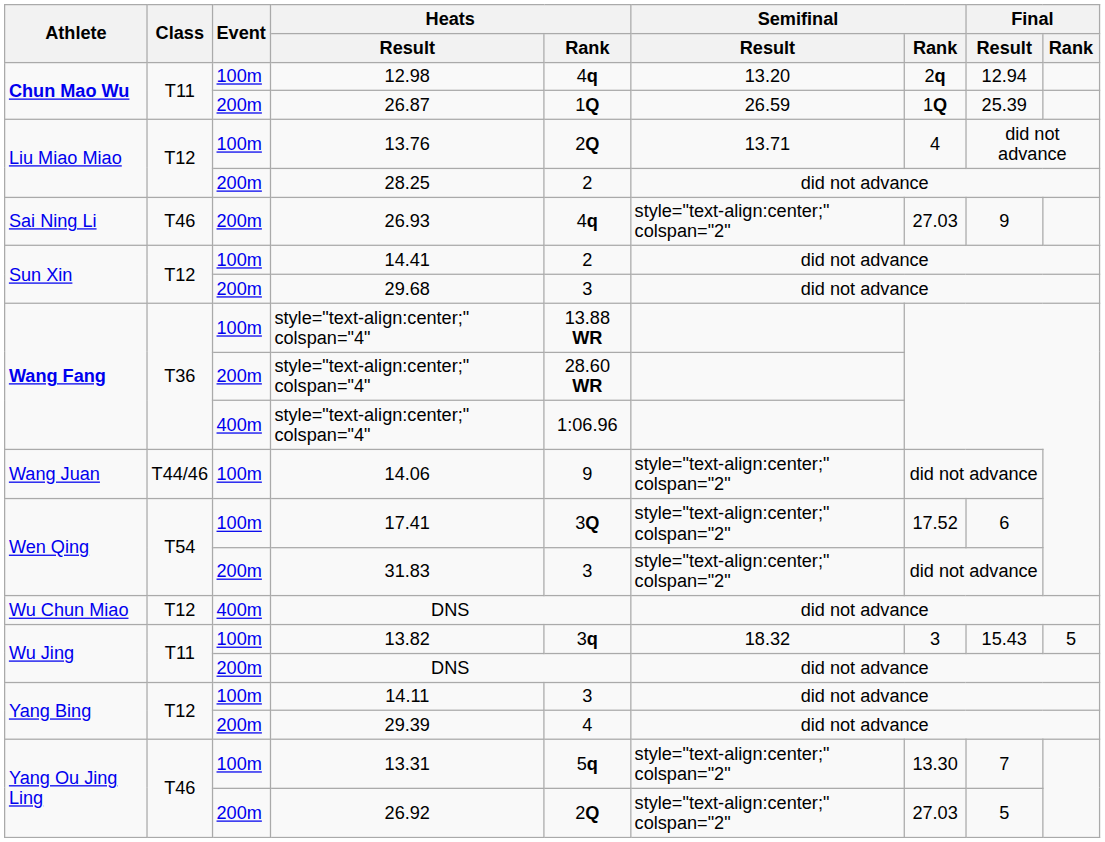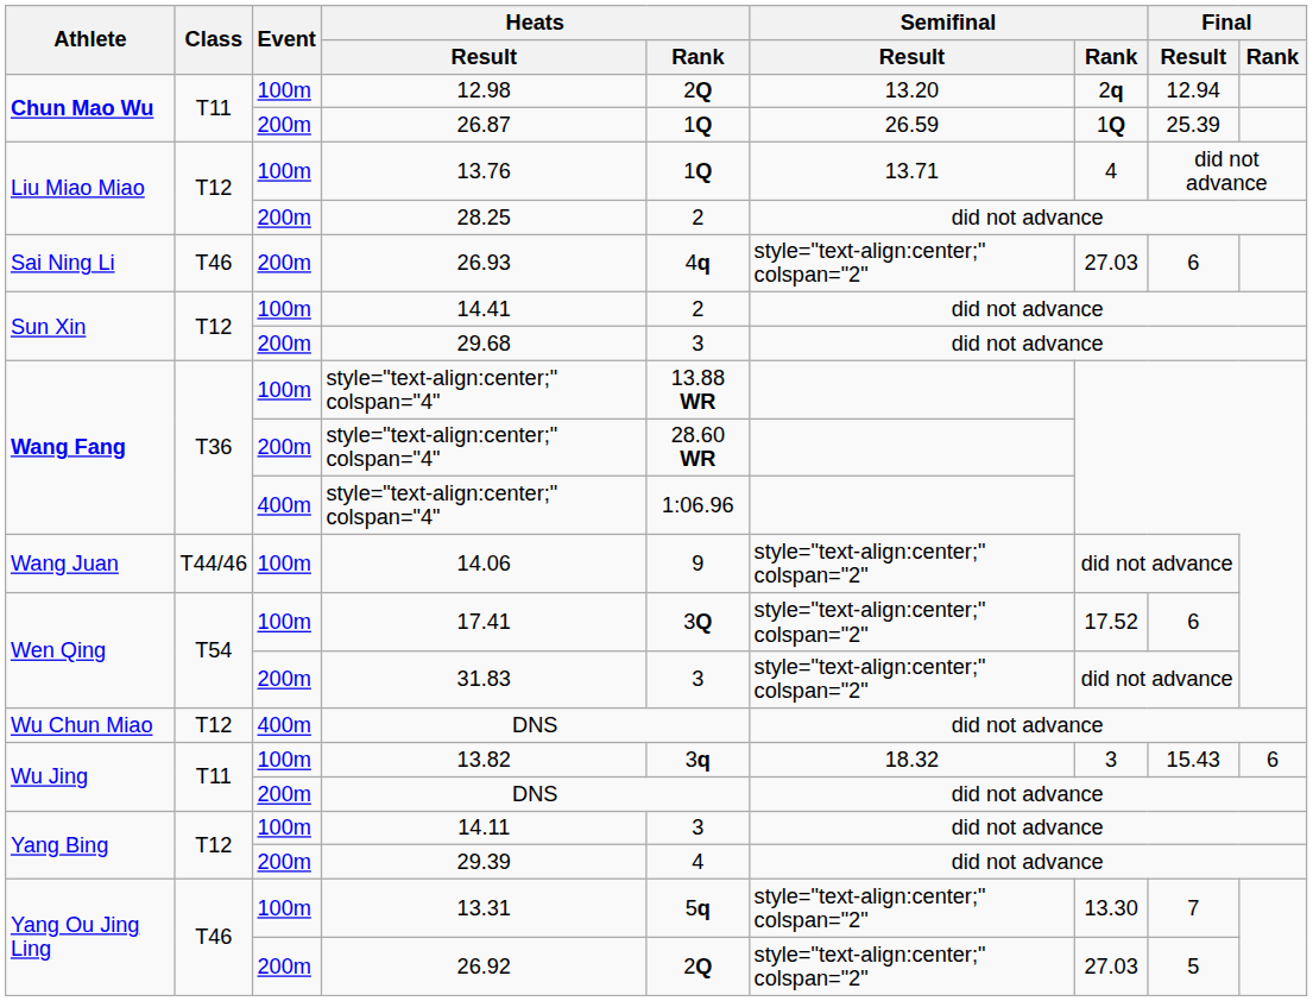 <table class=wikitable style="font-size:90%">
 <tr>
 <th rowspan="2">Athlete</th>
 <th rowspan="2">Class</th>
 <th rowspan="2">Event</th>
 <th colspan="2">Heats</th>
 <th colspan="2">Semifinal</th>
 <th colspan="2">Final</th>
 </tr>
 <tr>
 <th>Result</th>
 <th>Rank</th>
 <th>Result</th>
 <th>Rank</th>
 <th>Result</th>
 <th>Rank</th>
 </tr>
 <tr>
 <td rowspan="2"><strong><a href='#'>Chun Mao Wu</a></strong></td>
 <td rowspan="2" style="text-align:center;">T11</td>
 <td><a href='#'>100m</a></td>
 <td style="text-align:center;">12.98</td>
-<td style="text-align:center;">4<strong>q</strong></td>
+<td style="text-align:center;">2<strong>Q</strong></td>
 <td style="text-align:center;">13.20</td>
 <td style="text-align:center;">2<strong>q</strong></td>
 <td style="text-align:center;">12.94</td>
 <td style="text-align:center;"></td>
 </tr>
 <tr>
 <td><a href='#'>200m</a></td>
 <td style="text-align:center;">26.87</td>
 <td style="text-align:center;">1<strong>Q</strong></td>
 <td style="text-align:center;">26.59</td>
 <td style="text-align:center;">1<strong>Q</strong></td>
 <td style="text-align:center;">25.39</td>
 <td style="text-align:center;"></td>
 </tr>
 <tr>
 <td rowspan="2"><a href='#'>Liu Miao Miao</a></td>
 <td rowspan="2" style="text-align:center;">T12</td>
 <td><a href='#'>100m</a></td>
 <td style="text-align:center;">13.76</td>
-<td style="text-align:center;">2<strong>Q</strong></td>
+<td style="text-align:center;">1<strong>Q</strong></td>
 <td style="text-align:center;">13.71</td>
 <td style="text-align:center;">4</td>
 <td style="text-align:center;" colspan="2">did not advance</td>
 </tr>
 <tr>
 <td><a href='#'>200m</a></td>
 <td style="text-align:center;">28.25</td>
 <td style="text-align:center;">2</td>
 <td style="text-align:center;" colspan="4">did not advance</td>
 </tr>
 <tr>
 <td><a href='#'>Sai Ning Li</a></td>
 <td style="text-align:center;">T46</td>
 <td><a href='#'>200m</a></td>
 <td style="text-align:center;">26.93</td>
 <td style="text-align:center;">4<strong>q</strong></td>
 <td>style="text-align:center;" colspan="2" </td>
 <td style="text-align:center;">27.03</td>
-<td style="text-align:center;">9</td>
+<td style="text-align:center;">6</td>
 </tr>
 <tr>
 <td rowspan="2"><a href='#'>Sun Xin</a></td>
 <td rowspan="2" style="text-align:center;">T12</td>
 <td><a href='#'>100m</a></td>
 <td style="text-align:center;">14.41</td>
 <td style="text-align:center;">2</td>
 <td style="text-align:center;" colspan="4">did not advance</td>
 </tr>
 <tr>
 <td><a href='#'>200m</a></td>
 <td style="text-align:center;">29.68</td>
 <td style="text-align:center;">3</td>
 <td style="text-align:center;" colspan="4">did not advance</td>
 </tr>
 <tr>
 <td rowspan="3"><strong><a href='#'>Wang Fang</a></strong></td>
 <td rowspan="3" style="text-align:center;">T36</td>
 <td><a href='#'>100m</a></td>
 <td>style="text-align:center;" colspan="4" </td>
 <td style="text-align:center;">13.88 <strong>WR</strong></td>
 <td style="text-align:center;"></td>
 </tr>
 <tr>
 <td><a href='#'>200m</a></td>
 <td>style="text-align:center;" colspan="4" </td>
 <td style="text-align:center;">28.60 <strong>WR</strong></td>
 <td style="text-align:center;"></td>
 </tr>
 <tr>
 <td><a href='#'>400m</a></td>
 <td>style="text-align:center;" colspan="4" </td>
 <td style="text-align:center;">1:06.96</td>
 <td style="text-align:center;"></td>
 </tr>
 <tr>
 <td><a href='#'>Wang Juan</a></td>
 <td style="text-align:center;">T44/46</td>
 <td><a href='#'>100m</a></td>
 <td style="text-align:center;">14.06</td>
 <td style="text-align:center;">9</td>
 <td>style="text-align:center;" colspan="2" </td>
 <td style="text-align:center;" colspan="2">did not advance</td>
 </tr>
 <tr>
 <td rowspan="2"><a href='#'>Wen Qing</a></td>
 <td rowspan="2" style="text-align:center;">T54</td>
 <td><a href='#'>100m</a></td>
 <td style="text-align:center;">17.41</td>
 <td style="text-align:center;">3<strong>Q</strong></td>
 <td>style="text-align:center;" colspan="2" </td>
 <td style="text-align:center;">17.52</td>
 <td style="text-align:center;">6</td>
 </tr>
 <tr>
 <td><a href='#'>200m</a></td>
 <td style="text-align:center;">31.83</td>
 <td style="text-align:center;">3</td>
 <td>style="text-align:center;" colspan="2" </td>
 <td style="text-align:center;" colspan="2">did not advance</td>
 </tr>
 <tr>
 <td><a href='#'>Wu Chun Miao</a></td>
 <td style="text-align:center;">T12</td>
 <td><a href='#'>400m</a></td>
 <td style="text-align:center;" colspan="2">DNS</td>
 <td style="text-align:center;" colspan="4">did not advance</td>
 </tr>
 <tr>
 <td rowspan="2"><a href='#'>Wu Jing</a></td>
 <td rowspan="2" style="text-align:center;">T11</td>
 <td><a href='#'>100m</a></td>
 <td style="text-align:center;">13.82</td>
 <td style="text-align:center;">3<strong>q</strong></td>
 <td style="text-align:center;">18.32</td>
 <td style="text-align:center;">3</td>
 <td style="text-align:center;">15.43</td>
-<td style="text-align:center;">5</td>
+<td style="text-align:center;">6</td>
 </tr>
 <tr>
 <td><a href='#'>200m</a></td>
 <td style="text-align:center;" colspan="2">DNS</td>
 <td style="text-align:center;" colspan="4">did not advance</td>
 </tr>
 <tr>
 <td rowspan="2"><a href='#'>Yang Bing</a></td>
 <td rowspan="2" style="text-align:center;">T12</td>
 <td><a href='#'>100m</a></td>
 <td style="text-align:center;">14.11</td>
 <td style="text-align:center;">3</td>
 <td style="text-align:center;" colspan="4">did not advance</td>
 </tr>
 <tr>
 <td><a href='#'>200m</a></td>
 <td style="text-align:center;">29.39</td>
 <td style="text-align:center;">4</td>
 <td style="text-align:center;" colspan="4">did not advance</td>
 </tr>
 <tr>
 <td rowspan="2"><a href='#'>Yang Ou Jing Ling</a></td>
 <td rowspan="2" style="text-align:center;">T46</td>
 <td><a href='#'>100m</a></td>
 <td style="text-align:center;">13.31</td>
 <td style="text-align:center;">5<strong>q</strong></td>
 <td>style="text-align:center;" colspan="2" </td>
 <td style="text-align:center;">13.30</td>
 <td style="text-align:center;">7</td>
 </tr>
 <tr>
 <td><a href='#'>200m</a></td>
 <td style="text-align:center;">26.92</td>
 <td style="text-align:center;">2<strong>Q</strong></td>
 <td>style="text-align:center;" colspan="2" </td>
 <td style="text-align:center;">27.03</td>
 <td style="text-align:center;">5</td>
 </tr>
 </table>
